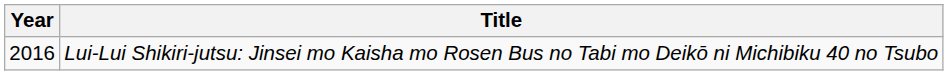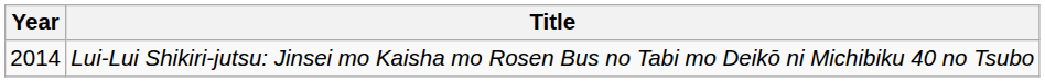 <table class="wikitable">
 <tr>
 <th>Year</th>
 <th>Title</th>
 </tr>
 <tr>
-<td>2016</td>
+<td>2014</td>
 <td><em>Lui-Lui Shikiri-jutsu: Jinsei mo Kaisha mo Rosen Bus no Tabi mo Deikō ni Michibiku 40 no Tsubo</em></td>
 </tr>
 </table>
